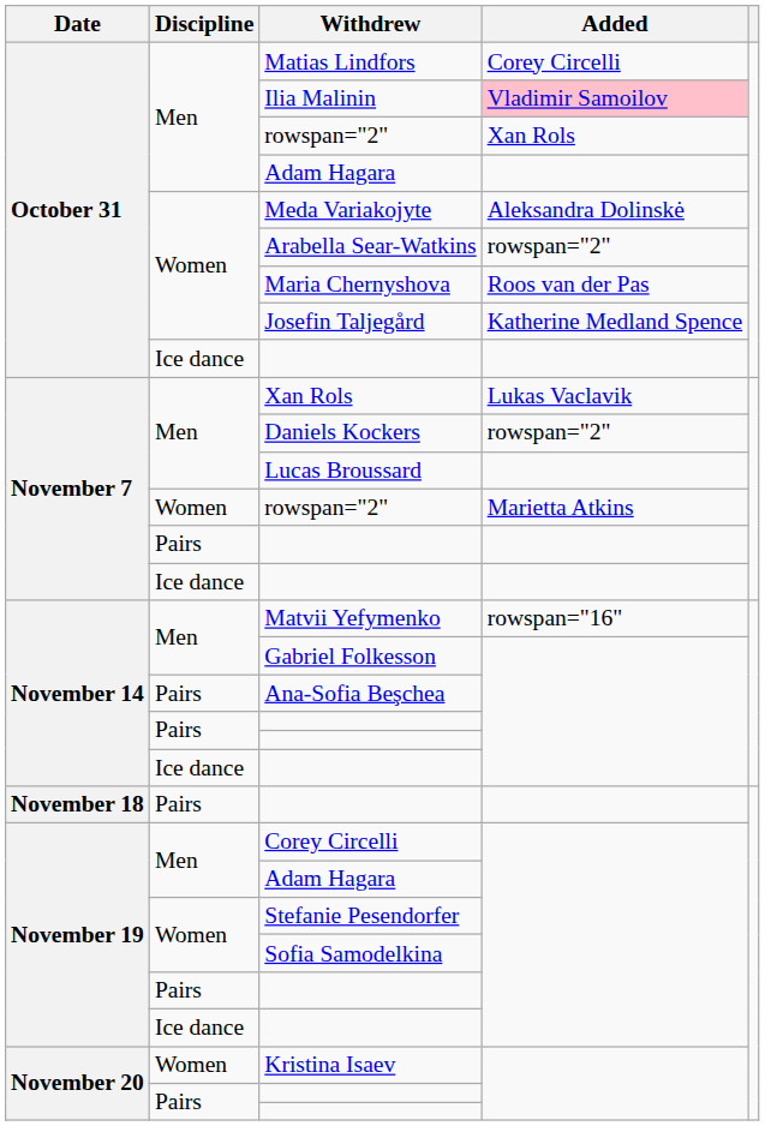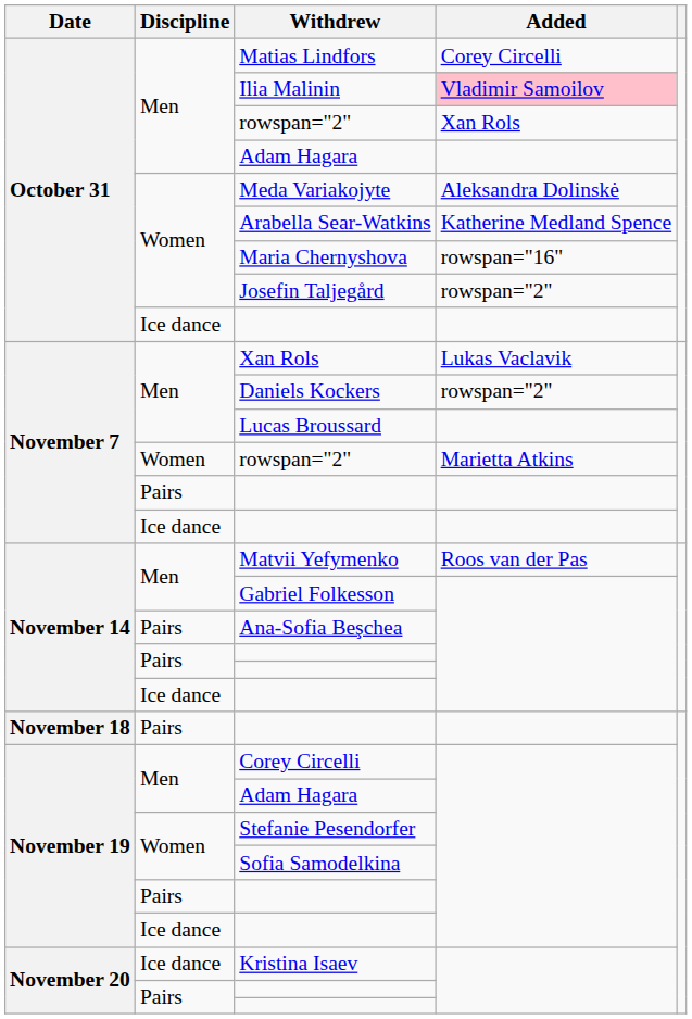 <table class="wikitable unsortable">
 <tr>
 <th scope="col">Date</th>
 <th scope="col">Discipline</th>
 <th scope="col">Withdrew</th>
 <th scope="col">Added</th>
 <th scope="col"></th>
 </tr>
 <tr>
 <th scope="row" style="text-align:left" rowspan="9">October 31</th>
 <td rowspan="4">Men</td>
 <td> <a href='#'>Matias Lindfors</a></td>
 <td> <a href='#'>Corey Circelli</a></td>
 <td rowspan="9"></td>
 </tr>
 <tr>
 <td> <a href='#'>Ilia Malinin</a></td>
 <td style="background: pink;"> <a href='#'>Vladimir Samoilov</a></td>
 </tr>
 <tr>
 <td>rowspan="2" </td>
 <td> <a href='#'>Xan Rols</a></td>
 </tr>
 <tr>
 <td> <a href='#'>Adam Hagara</a></td>
 </tr>
 <tr>
 <td rowspan="4">Women</td>
 <td> <a href='#'>Meda Variakojyte</a></td>
 <td> <a href='#'>Aleksandra Dolinskė</a></td>
 </tr>
 <tr>
 <td> <a href='#'>Arabella Sear-Watkins</a></td>
-<td>rowspan="2" </td>
+<td> <a href='#'>Katherine Medland Spence</a></td>
 </tr>
 <tr>
 <td> <a href='#'>Maria Chernyshova</a></td>
-<td> <a href='#'>Roos van der Pas</a></td>
+<td>rowspan="16" </td>
 </tr>
 <tr>
 <td> <a href='#'>Josefin Taljegård</a></td>
-<td> <a href='#'>Katherine Medland Spence</a></td>
+<td>rowspan="2" </td>
 </tr>
 <tr>
 <td>Ice dance</td>
 <td></td>
 </tr>
 <tr>
 <th rowspan="6" scope="row" style="text-align:left">November 7</th>
 <td rowspan="3">Men</td>
 <td> <a href='#'>Xan Rols</a></td>
 <td> <a href='#'>Lukas Vaclavik</a></td>
 <td rowspan="6"></td>
 </tr>
 <tr>
 <td> <a href='#'>Daniels Kockers</a></td>
 <td>rowspan="2" </td>
 </tr>
 <tr>
 <td> <a href='#'>Lucas Broussard</a></td>
 </tr>
 <tr>
 <td>Women</td>
 <td>rowspan="2" </td>
 <td> <a href='#'>Marietta Atkins</a></td>
 </tr>
 <tr>
 <td>Pairs</td>
 <td></td>
 </tr>
 <tr>
 <td>Ice dance</td>
 <td></td>
 <td></td>
 </tr>
 <tr>
 <th rowspan="6" scope="row" style="text-align:left">November 14</th>
 <td rowspan="2">Men</td>
 <td> <a href='#'>Matvii Yefymenko</a></td>
-<td>rowspan="16" </td>
+<td> <a href='#'>Roos van der Pas</a></td>
 <td rowspan="6"></td>
 </tr>
 <tr>
 <td> <a href='#'>Gabriel Folkesson</a></td>
 </tr>
 <tr>
 <td>Pairs</td>
 <td> <a href='#'>Ana-Sofia Beşchea</a></td>
 </tr>
 <tr>
 <td rowspan="2">Pairs</td>
 <td></td>
 </tr>
 <tr>
 <td></td>
 </tr>
 <tr>
 <td>Ice dance</td>
 <td></td>
 </tr>
 <tr>
 <th>November 18</th>
 <td>Pairs</td>
 <td></td>
 <td></td>
 </tr>
 <tr>
 <th rowspan="6" scope="row" style="text-align:left">November 19</th>
 <td rowspan="2">Men</td>
 <td> <a href='#'>Corey Circelli</a></td>
 <td rowspan="6"></td>
 </tr>
 <tr>
 <td> <a href='#'>Adam Hagara</a></td>
 </tr>
 <tr>
 <td rowspan="2">Women</td>
 <td> <a href='#'>Stefanie Pesendorfer</a></td>
 </tr>
 <tr>
 <td> <a href='#'>Sofia Samodelkina</a></td>
 </tr>
 <tr>
 <td>Pairs</td>
 <td></td>
 </tr>
 <tr>
 <td>Ice dance</td>
 <td></td>
 </tr>
 <tr>
 <th scope="row" style="text-align:left" rowspan="3">November 20</th>
-<td>Women</td>
+<td>Ice dance</td>
 <td> <a href='#'>Kristina Isaev</a></td>
 <td rowspan="3"></td>
 </tr>
 <tr>
 <td rowspan="2">Pairs</td>
 <td></td>
 </tr>
 <tr>
 <td></td>
 </tr>
 </table>
